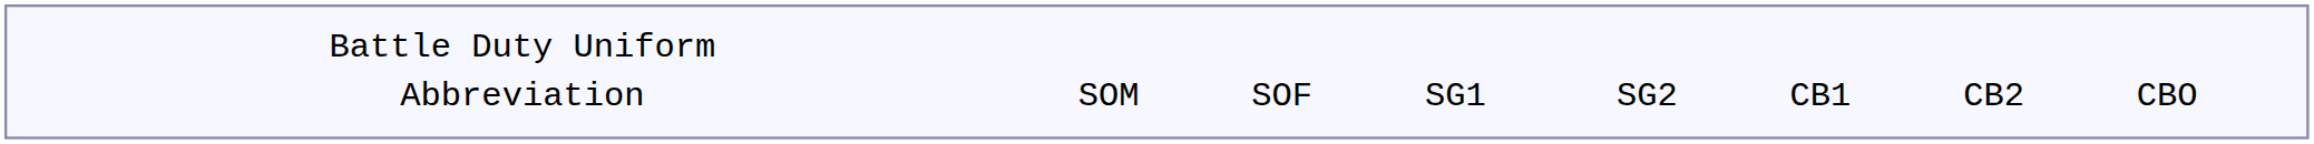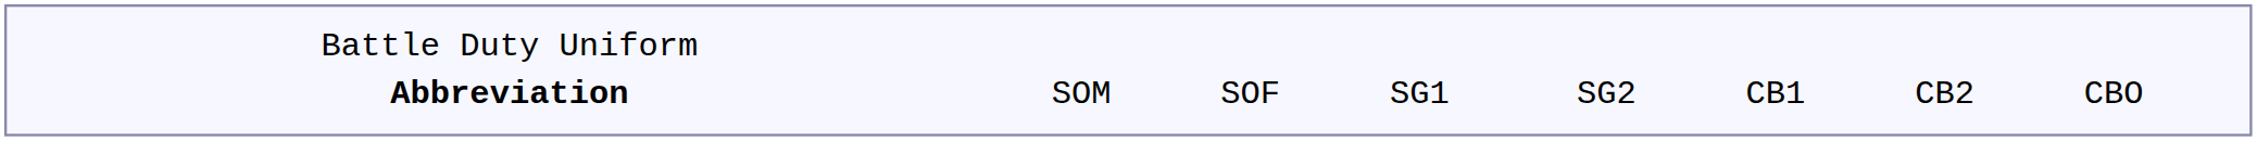 <table style="border:1px solid #8888aa; background-color:#f7f8ff; padding:5px; font-size:100%; margin: 0px 12px 12px 0px;width:100%">
 <tr align="center">
 <td>Battle Duty Uniform</td>
 <td colspan=6></td>
 <td colspan=2></td>
 <td colspan=2></td>
 <td colspan=6></td>
 <td colspan=6></td>
 <td colspan=4></td>
 <td colspan=1></td>
 <td colspan=1></td>
 <td colspan=6></td>
 <td colspan=2></td>
 </tr>
 <tr align="center">
-<td>Abbreviation</td>
+<td><strong>Abbreviation</strong></td>
 <td colspan=6>SOM</td>
 <td colspan=2>SOF</td>
 <td colspan=2>SG1</td>
 <td colspan=6></td>
 <td colspan=6>SG2</td>
 <td colspan=4>CB1</td>
 <td colspan=1>CB2</td>
 <td colspan=1>CBO</td>
 <td colspan=6></td>
 <td colspan=2></td>
 </tr>
 </table>
